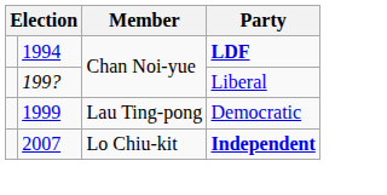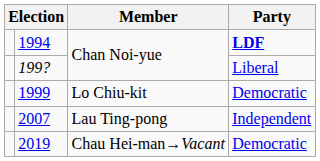 <table class="wikitable">
 <tr>
 <th colspan="2">Election</th>
 <th>Member</th>
 <th>Party</th>
 </tr>
 <tr>
 <td style="background-color:"></td>
 <td><a href='#'>1994</a></td>
 <td rowspan=2>Chan Noi-yue</td>
 <td><strong><a href='#'>LDF</a></strong></td>
 </tr>
 <tr>
 <td style="background-color:"></td>
 <td><em>199?</em></td>
 <td><a href='#'>Liberal</a></td>
 </tr>
 <tr>
 <td style="background-color:"></td>
 <td><a href='#'>1999</a></td>
-<td>Lau Ting-pong</td>
+<td>Lo Chiu-kit</td>
 <td><a href='#'>Democratic</a></td>
 </tr>
 <tr>
 <td style="background-color:"></td>
 <td><a href='#'>2007</a></td>
-<td>Lo Chiu-kit</td>
-<td><strong><a href='#'>Independent</a></strong></td>
+<td>Lau Ting-pong</td>
+<td><a href='#'>Independent</a></td>
+</tr>
+<tr>
+<td style="background-color:"></td>
+<td><a href='#'>2019</a></td>
+<td>Chau Hei-man→<em>Vacant</em></td>
+<td><a href='#'>Democratic</a></td>
 </tr>
 <tr>
 </tr>
 </table>
